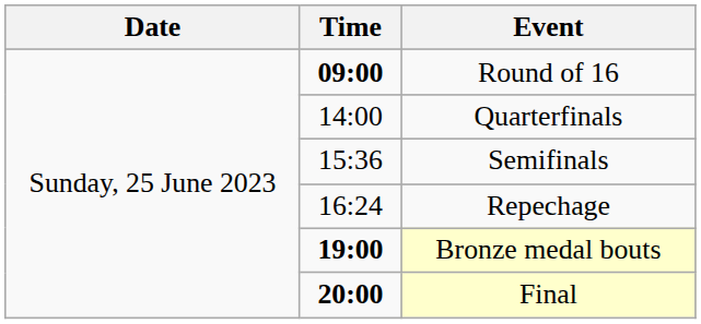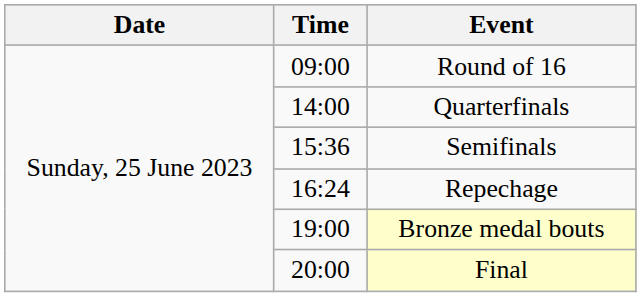 <table class = "wikitable" style="text-align:center;">
 <tr>
 <th width=160>Date</th>
 <th width=50>Time</th>
 <th width=160>Event</th>
 </tr>
 <tr>
 <td rowspan=6>Sunday, 25 June 2023</td>
-<td><strong>09:00</strong></td>
+<td>09:00</td>
 <td>Round of 16</td>
 </tr>
 <tr>
 <td>14:00</td>
 <td>Quarterfinals</td>
 </tr>
 <tr>
 <td>15:36</td>
 <td>Semifinals</td>
 </tr>
 <tr>
 <td>16:24</td>
 <td>Repechage</td>
 </tr>
 <tr>
-<td><strong>19:00</strong></td>
+<td>19:00</td>
 <td bgcolor=ffffcc>Bronze medal bouts</td>
 </tr>
 <tr>
-<td><strong>20:00</strong></td>
+<td>20:00</td>
 <td bgcolor=ffffcc>Final</td>
 </tr>
 </table>
